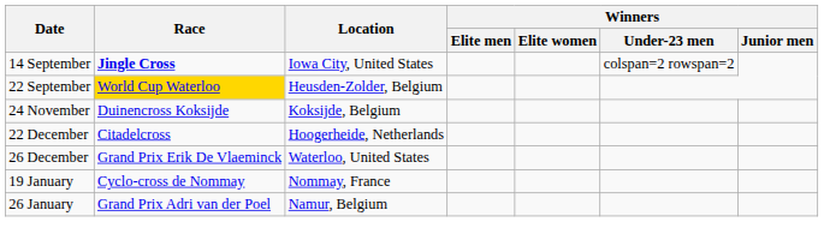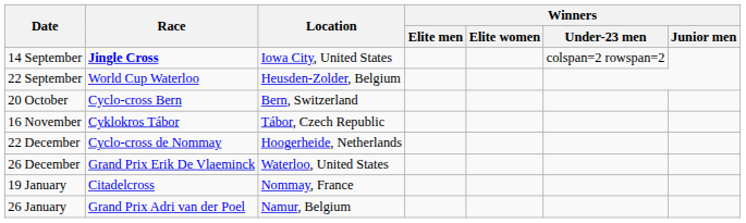 <table class="wikitable">
 <tr>
 <th rowspan=2>Date</th>
 <th rowspan=2>Race</th>
 <th rowspan=2>Location</th>
 <th colspan=4>Winners</th>
 </tr>
 <tr>
 <th>Elite men</th>
 <th>Elite women</th>
 <th>Under-23 men</th>
 <th>Junior men</th>
 </tr>
 <tr>
 <td>14 September</td>
 <td><strong><a href='#'>Jingle Cross</a></strong></td>
 <td> <a href='#'>Iowa City</a>, United States</td>
 <td></td>
 <td></td>
 <td>colspan=2 rowspan=2 </td>
 </tr>
 <tr>
 <td>22 September</td>
-<td style="background: gold;"><a href='#'>World Cup Waterloo</a></td>
+<td><a href='#'>World Cup Waterloo</a></td>
 <td> <a href='#'>Heusden-Zolder</a>, Belgium</td>
 <td></td>
 <td></td>
 </tr>
 <tr>
-<td>24 November</td>
-<td><a href='#'>Duinencross Koksijde</a></td>
-<td> <a href='#'>Koksijde</a>, Belgium</td>
+<td>20 October</td>
+<td><a href='#'>Cyclo-cross Bern</a></td>
+<td> <a href='#'>Bern</a>, Switzerland</td>
+<td></td>
+<td></td>
+<td></td>
+<td></td>
+</tr>
+<tr>
+<td>16 November</td>
+<td><a href='#'>Cyklokros Tábor</a></td>
+<td> <a href='#'>Tábor</a>, Czech Republic</td>
 <td></td>
 <td></td>
 <td></td>
 <td></td>
 </tr>
 <tr>
 <td>22 December</td>
-<td><a href='#'>Citadelcross</a></td>
+<td><a href='#'>Cyclo-cross de Nommay</a></td>
 <td> <a href='#'>Hoogerheide</a>, Netherlands</td>
 <td></td>
 <td></td>
 <td></td>
 <td></td>
 </tr>
 <tr>
 <td>26 December</td>
 <td><a href='#'>Grand Prix Erik De Vlaeminck</a></td>
 <td> <a href='#'>Waterloo</a>, United States</td>
 <td></td>
 <td></td>
 <td></td>
 <td></td>
 </tr>
 <tr>
 <td>19 January</td>
-<td><a href='#'>Cyclo-cross de Nommay</a></td>
+<td><a href='#'>Citadelcross</a></td>
 <td> <a href='#'>Nommay</a>, France</td>
 <td></td>
 <td></td>
 <td></td>
 <td></td>
 </tr>
 <tr>
 <td>26 January</td>
 <td><a href='#'>Grand Prix Adri van der Poel</a></td>
 <td> <a href='#'>Namur</a>, Belgium</td>
 <td></td>
 <td></td>
 <td></td>
 <td></td>
 </tr>
 </table>
